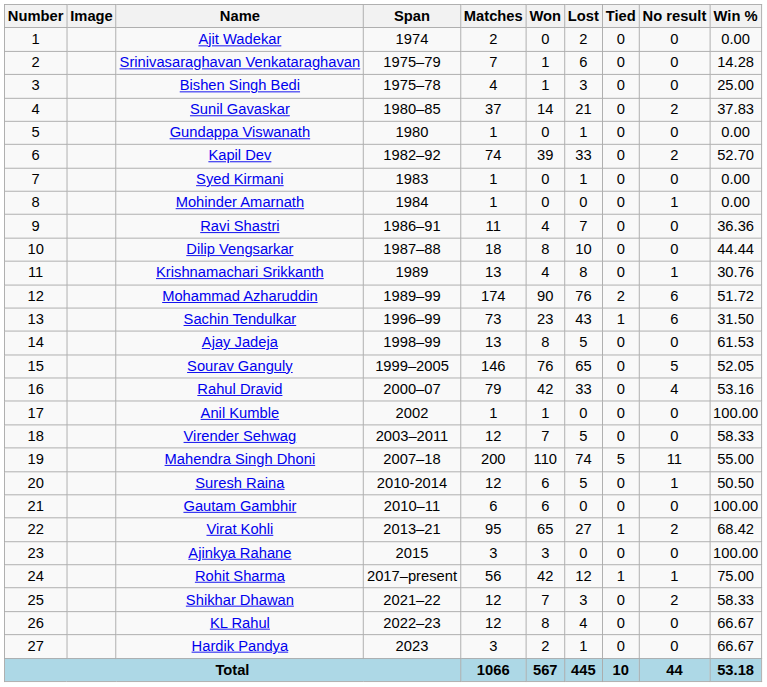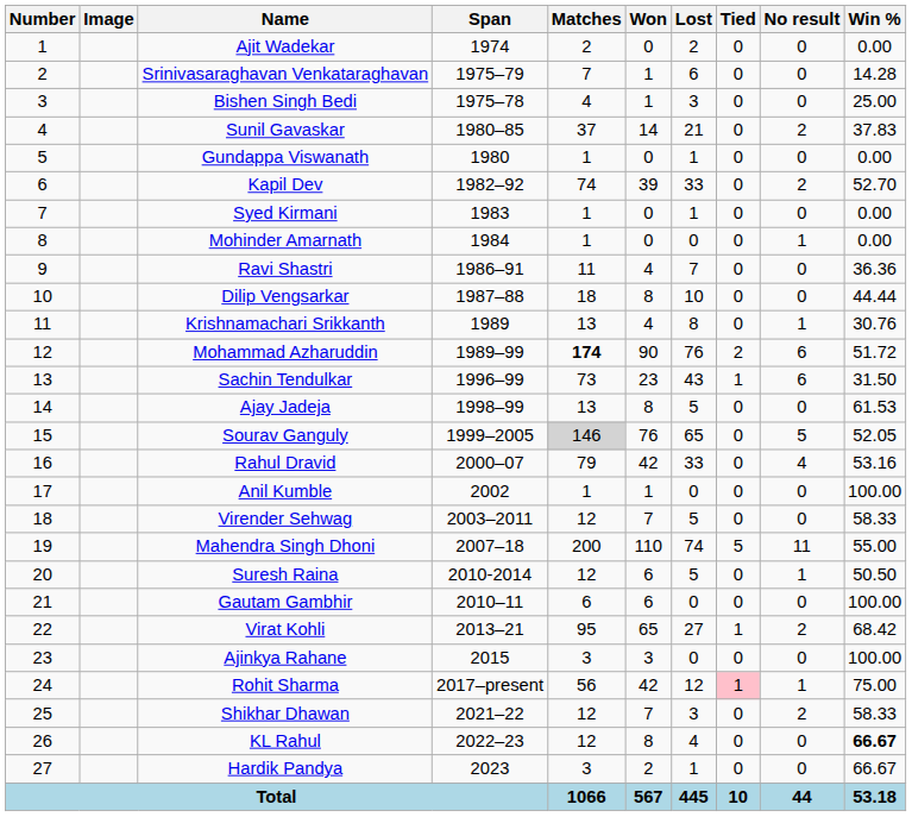 <table class="sortable wikitable"style="text-align:center;"style="font-size: 90%">
 <tr>
 <th>Number</th>
 <th>Image</th>
 <th>Name</th>
 <th>Span</th>
 <th>Matches</th>
 <th>Won</th>
 <th>Lost</th>
 <th>Tied</th>
 <th>No result</th>
 <th>Win %</th>
 </tr>
 <tr>
 <td>1</td>
 <td></td>
 <td><a href='#'>Ajit Wadekar</a></td>
 <td>1974</td>
 <td>2</td>
 <td>0</td>
 <td>2</td>
 <td>0</td>
 <td>0</td>
 <td>0.00</td>
 </tr>
 <tr>
 <td>2</td>
 <td></td>
 <td><a href='#'>Srinivasaraghavan Venkataraghavan</a></td>
 <td>1975–79</td>
 <td>7</td>
 <td>1</td>
 <td>6</td>
 <td>0</td>
 <td>0</td>
 <td>14.28</td>
 </tr>
 <tr>
 <td>3</td>
 <td></td>
 <td><a href='#'>Bishen Singh Bedi</a></td>
 <td>1975–78</td>
 <td>4</td>
 <td>1</td>
 <td>3</td>
 <td>0</td>
 <td>0</td>
 <td>25.00</td>
 </tr>
 <tr>
 <td>4</td>
 <td></td>
 <td><a href='#'>Sunil Gavaskar</a></td>
 <td>1980–85</td>
 <td>37</td>
 <td>14</td>
 <td>21</td>
 <td>0</td>
 <td>2</td>
 <td>37.83</td>
 </tr>
 <tr>
 <td>5</td>
 <td></td>
 <td><a href='#'>Gundappa Viswanath</a></td>
 <td>1980</td>
 <td>1</td>
 <td>0</td>
 <td>1</td>
 <td>0</td>
 <td>0</td>
 <td>0.00</td>
 </tr>
 <tr>
 <td>6</td>
 <td></td>
 <td><a href='#'>Kapil Dev</a></td>
 <td>1982–92</td>
 <td>74</td>
 <td>39</td>
 <td>33</td>
 <td>0</td>
 <td>2</td>
 <td>52.70</td>
 </tr>
 <tr>
 <td>7</td>
 <td></td>
 <td><a href='#'>Syed Kirmani</a></td>
 <td>1983</td>
 <td>1</td>
 <td>0</td>
 <td>1</td>
 <td>0</td>
 <td>0</td>
 <td>0.00</td>
 </tr>
 <tr>
 <td>8</td>
 <td></td>
 <td><a href='#'>Mohinder Amarnath</a></td>
 <td>1984</td>
 <td>1</td>
 <td>0</td>
 <td>0</td>
 <td>0</td>
 <td>1</td>
 <td>0.00</td>
 </tr>
 <tr>
 <td>9</td>
 <td></td>
 <td><a href='#'>Ravi Shastri</a></td>
 <td>1986–91</td>
 <td>11</td>
 <td>4</td>
 <td>7</td>
 <td>0</td>
 <td>0</td>
 <td>36.36</td>
 </tr>
 <tr>
 <td>10</td>
 <td></td>
 <td><a href='#'>Dilip Vengsarkar</a></td>
 <td>1987–88</td>
 <td>18</td>
 <td>8</td>
 <td>10</td>
 <td>0</td>
 <td>0</td>
 <td>44.44</td>
 </tr>
 <tr>
 <td>11</td>
 <td></td>
 <td><a href='#'>Krishnamachari Srikkanth</a></td>
 <td>1989</td>
 <td>13</td>
 <td>4</td>
 <td>8</td>
 <td>0</td>
 <td>1</td>
 <td>30.76</td>
 </tr>
 <tr>
 <td>12</td>
 <td></td>
 <td><a href='#'>Mohammad Azharuddin</a></td>
 <td>1989–99</td>
-<td>174</td>
+<td><strong>174</strong></td>
 <td>90</td>
 <td>76</td>
 <td>2</td>
 <td>6</td>
 <td>51.72</td>
 </tr>
 <tr>
 <td>13</td>
 <td></td>
 <td><a href='#'>Sachin Tendulkar</a></td>
 <td>1996–99</td>
 <td>73</td>
 <td>23</td>
 <td>43</td>
 <td>1</td>
 <td>6</td>
 <td>31.50</td>
 </tr>
 <tr>
 <td>14</td>
 <td></td>
 <td><a href='#'>Ajay Jadeja</a></td>
 <td>1998–99</td>
 <td>13</td>
 <td>8</td>
 <td>5</td>
 <td>0</td>
 <td>0</td>
 <td>61.53</td>
 </tr>
 <tr>
 <td>15</td>
 <td></td>
 <td><a href='#'>Sourav Ganguly</a></td>
 <td>1999–2005</td>
-<td>146</td>
+<td style="background: lightgrey;">146</td>
 <td>76</td>
 <td>65</td>
 <td>0</td>
 <td>5</td>
 <td>52.05</td>
 </tr>
 <tr>
 <td>16</td>
 <td></td>
 <td><a href='#'>Rahul Dravid</a></td>
 <td>2000–07</td>
 <td>79</td>
 <td>42</td>
 <td>33</td>
 <td>0</td>
 <td>4</td>
 <td>53.16</td>
 </tr>
 <tr>
 <td>17</td>
 <td></td>
 <td><a href='#'>Anil Kumble</a></td>
 <td>2002</td>
 <td>1</td>
 <td>1</td>
 <td>0</td>
 <td>0</td>
 <td>0</td>
 <td>100.00</td>
 </tr>
 <tr>
 <td>18</td>
 <td></td>
 <td><a href='#'>Virender Sehwag</a></td>
 <td>2003–2011</td>
 <td>12</td>
 <td>7</td>
 <td>5</td>
 <td>0</td>
 <td>0</td>
 <td>58.33</td>
 </tr>
 <tr>
 <td>19</td>
 <td></td>
 <td><a href='#'>Mahendra Singh Dhoni</a></td>
 <td>2007–18</td>
 <td>200</td>
 <td>110</td>
 <td>74</td>
 <td>5</td>
 <td>11</td>
 <td>55.00</td>
 </tr>
 <tr>
 <td>20</td>
 <td></td>
 <td><a href='#'>Suresh Raina</a></td>
 <td>2010-2014</td>
 <td>12</td>
 <td>6</td>
 <td>5</td>
 <td>0</td>
 <td>1</td>
 <td>50.50</td>
 </tr>
 <tr>
 <td>21</td>
 <td></td>
 <td><a href='#'>Gautam Gambhir</a></td>
 <td>2010–11</td>
 <td>6</td>
 <td>6</td>
 <td>0</td>
 <td>0</td>
 <td>0</td>
 <td>100.00</td>
 </tr>
 <tr>
 <td>22</td>
 <td></td>
 <td><a href='#'>Virat Kohli</a></td>
 <td>2013–21</td>
 <td>95</td>
 <td>65</td>
 <td>27</td>
 <td>1</td>
 <td>2</td>
 <td>68.42</td>
 </tr>
 <tr>
 <td>23</td>
 <td></td>
 <td><a href='#'>Ajinkya Rahane</a></td>
 <td>2015</td>
 <td>3</td>
 <td>3</td>
 <td>0</td>
 <td>0</td>
 <td>0</td>
 <td>100.00</td>
 </tr>
 <tr>
 <td>24</td>
 <td></td>
 <td><a href='#'>Rohit Sharma</a></td>
 <td>2017–present</td>
 <td>56</td>
 <td>42</td>
 <td>12</td>
-<td>1</td>
+<td style="background: pink;">1</td>
 <td>1</td>
 <td>75.00</td>
 </tr>
 <tr>
 <td>25</td>
 <td></td>
 <td><a href='#'>Shikhar Dhawan</a></td>
 <td>2021–22</td>
 <td>12</td>
 <td>7</td>
 <td>3</td>
 <td>0</td>
 <td>2</td>
 <td>58.33</td>
 </tr>
 <tr>
 <td>26</td>
 <td></td>
 <td><a href='#'>KL Rahul</a></td>
 <td>2022–23</td>
 <td>12</td>
 <td>8</td>
 <td>4</td>
 <td>0</td>
 <td>0</td>
-<td>66.67</td>
+<td><strong>66.67</strong></td>
 </tr>
 <tr>
 <td>27</td>
 <td></td>
 <td><a href='#'>Hardik Pandya</a></td>
 <td>2023</td>
 <td>3</td>
 <td>2</td>
 <td>1</td>
 <td>0</td>
 <td>0</td>
 <td>66.67</td>
 </tr>
 <tr bgcolor="lightblue">
 <td colspan="4"><strong>Total</strong></td>
 <td><strong>1066</strong></td>
 <td><strong>567</strong></td>
 <td><strong>445</strong></td>
 <td><strong>10</strong></td>
 <td><strong>44</strong></td>
 <td><strong>53.18</strong></td>
 </tr>
 </table>
